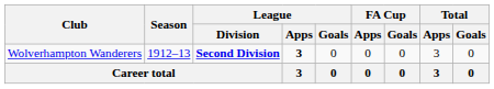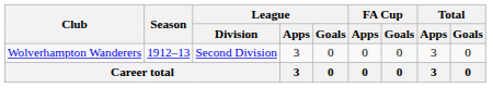 <table class="wikitable" style="text-align: center;">
 <tr>
 <th rowspan=2>Club</th>
 <th rowspan=2>Season</th>
 <th colspan=3>League</th>
 <th colspan=2>FA Cup</th>
 <th colspan=2>Total</th>
 </tr>
 <tr>
 <th>Division</th>
 <th>Apps</th>
 <th>Goals</th>
 <th>Apps</th>
 <th>Goals</th>
 <th>Apps</th>
 <th>Goals</th>
 </tr>
 <tr>
 <td><a href='#'>Wolverhampton Wanderers</a></td>
 <td><a href='#'>1912–13</a></td>
-<td><strong><a href='#'>Second Division</a></strong></td>
-<td><strong>3</strong></td>
+<td><a href='#'>Second Division</a></td>
+<td>3</td>
 <td>0</td>
 <td>0</td>
 <td>0</td>
 <td>3</td>
 <td>0</td>
 </tr>
 <tr>
 <th colspan=3>Career total</th>
 <th>3</th>
 <th>0</th>
 <th>0</th>
 <th>0</th>
 <th>3</th>
 <th>0</th>
 </tr>
 </table>
